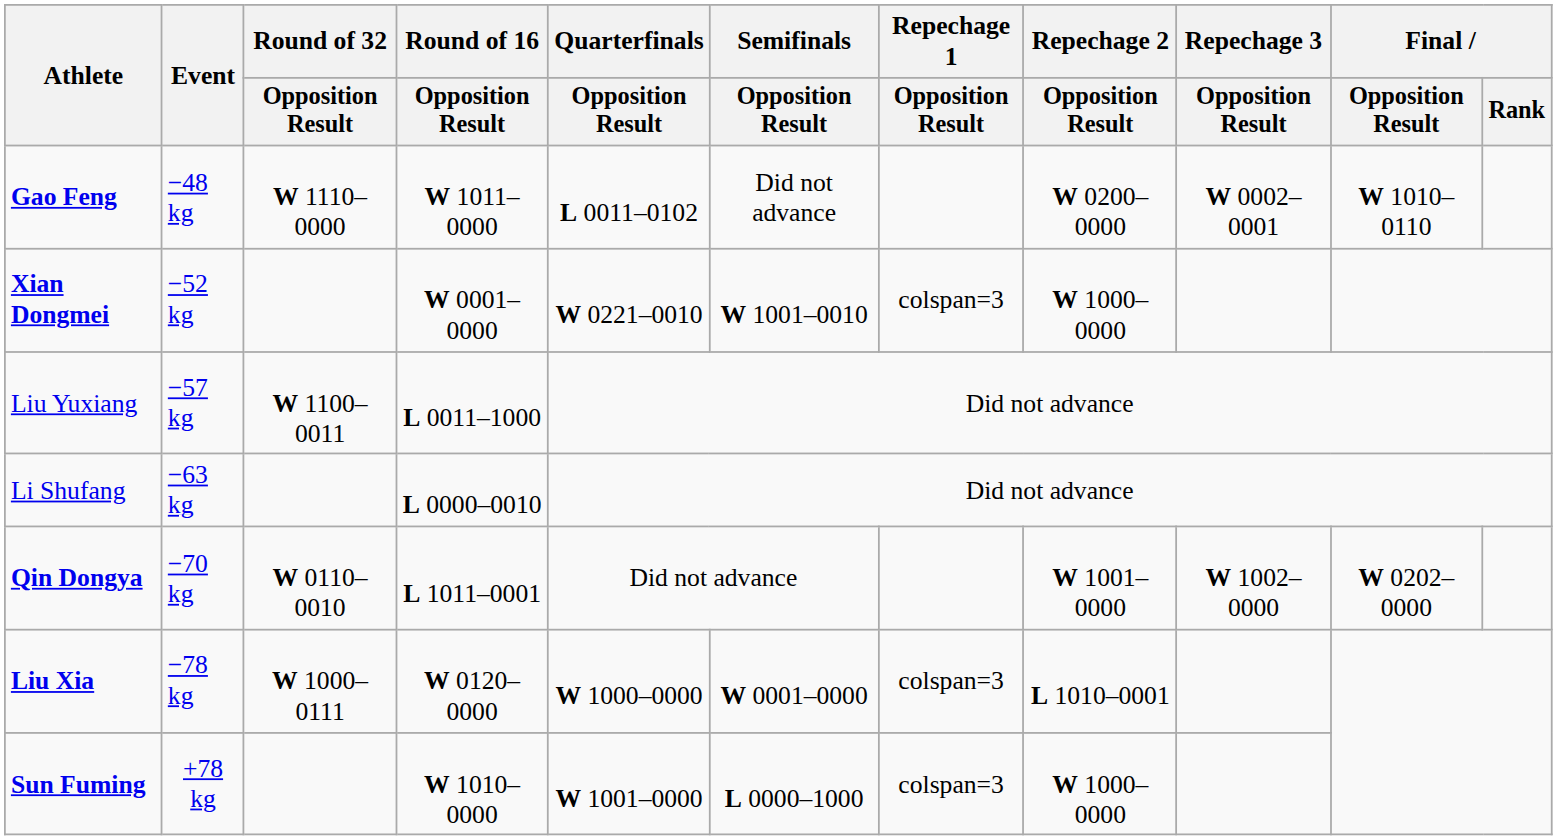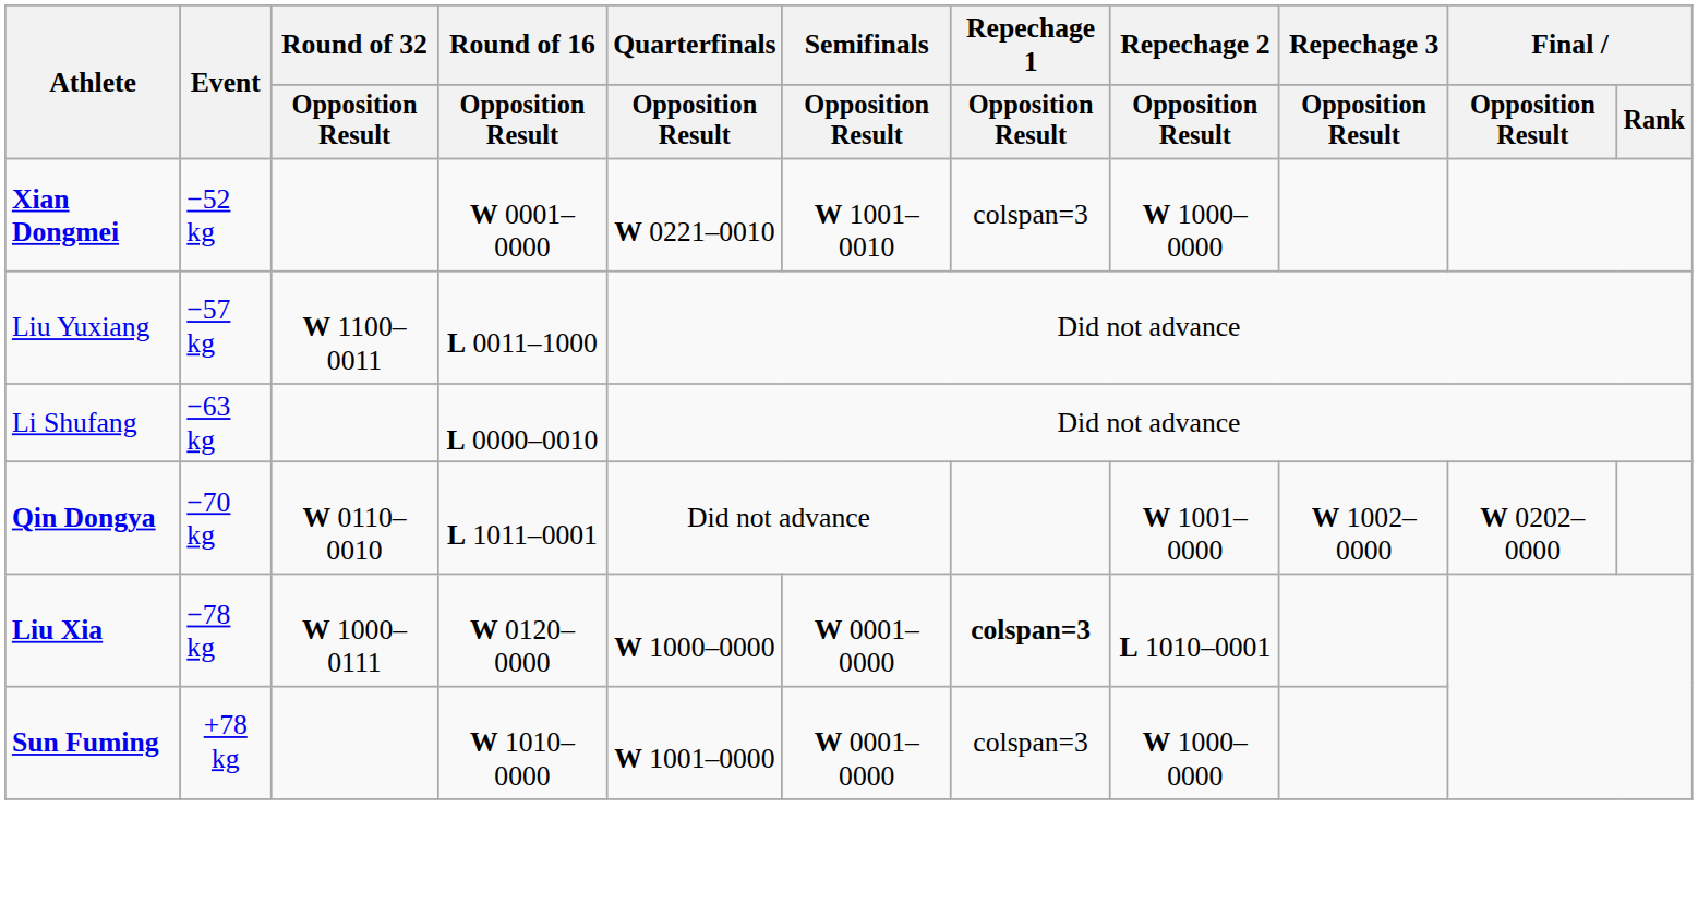 <table class="wikitable" style="font-size:90%">
 <tr>
 <th rowspan="2">Athlete</th>
 <th rowspan="2">Event</th>
 <th>Round of 32</th>
 <th>Round of 16</th>
 <th>Quarterfinals</th>
 <th>Semifinals</th>
 <th>Repechage 1</th>
 <th>Repechage 2</th>
 <th>Repechage 3</th>
 <th colspan=2>Final / </th>
 </tr>
 <tr style="font-size:95%">
 <th>Opposition<br>Result</th>
 <th>Opposition<br>Result</th>
 <th>Opposition<br>Result</th>
 <th>Opposition<br>Result</th>
 <th>Opposition<br>Result</th>
 <th>Opposition<br>Result</th>
 <th>Opposition<br>Result</th>
 <th>Opposition<br>Result</th>
 <th>Rank</th>
-</tr>
-<tr align=center>
-<td align=left><strong><a href='#'>Gao Feng</a></strong></td>
-<td align=left><a href='#'>−48 kg</a></td>
-<td><br><strong>W</strong> 1110–0000</td>
-<td><br><strong>W</strong> 1011–0000</td>
-<td><br><strong>L</strong> 0011–0102</td>
-<td>Did not advance</td>
-<td></td>
-<td><br><strong>W</strong> 0200–0000</td>
-<td><br><strong>W</strong> 0002–0001</td>
-<td><br><strong>W</strong> 1010–0110</td>
-<td></td>
 </tr>
 <tr align=center>
 <td align=left><strong><a href='#'>Xian Dongmei</a></strong></td>
 <td align=left><a href='#'>−52 kg</a></td>
 <td></td>
 <td><br><strong>W</strong> 0001–0000</td>
 <td><br><strong>W</strong> 0221–0010</td>
 <td><br><strong>W</strong> 1001–0010</td>
 <td>colspan=3 </td>
 <td><br><strong>W</strong> 1000–0000</td>
 <td></td>
 </tr>
 <tr align=center>
 <td align=left><a href='#'>Liu Yuxiang</a></td>
 <td align=left><a href='#'>−57 kg</a></td>
 <td><br><strong>W</strong> 1100–0011</td>
 <td><br><strong>L</strong> 0011–1000</td>
 <td colspan=7>Did not advance</td>
 </tr>
 <tr align=center>
 <td align=left><a href='#'>Li Shufang</a></td>
 <td align=left><a href='#'>−63 kg</a></td>
 <td></td>
 <td><br><strong>L</strong> 0000–0010</td>
 <td colspan=7>Did not advance</td>
 </tr>
 <tr align=center>
 <td align=left><strong><a href='#'>Qin Dongya</a></strong></td>
 <td align=left><a href='#'>−70 kg</a></td>
 <td><br><strong>W</strong> 0110–0010</td>
 <td><br><strong>L</strong> 1011–0001</td>
 <td colspan=2>Did not advance</td>
 <td></td>
 <td><br><strong>W</strong> 1001–0000</td>
 <td><br><strong>W</strong> 1002–0000</td>
 <td><br><strong>W</strong> 0202–0000</td>
 <td></td>
 </tr>
 <tr align=center>
 <td align=left><strong><a href='#'>Liu Xia</a></strong></td>
 <td align=left><a href='#'>−78 kg</a></td>
 <td><br><strong>W</strong> 1000–0111</td>
 <td><br><strong>W</strong> 0120–0000</td>
 <td><br><strong>W</strong> 1000–0000</td>
 <td><br><strong>W</strong> 0001–0000</td>
-<td>colspan=3 </td>
+<td><strong>colspan=3 </strong></td>
 <td><br><strong>L</strong> 1010–0001</td>
 <td></td>
 </tr>
 <tr align=center>
 <td align=left><strong><a href='#'>Sun Fuming</a></strong></td>
 <td align=center><a href='#'>+78 kg</a></td>
 <td></td>
 <td><br><strong>W</strong> 1010–0000</td>
 <td><br><strong>W</strong> 1001–0000</td>
-<td><br><strong>L</strong> 0000–1000</td>
+<td><br><strong>W</strong> 0001–0000</td>
 <td>colspan=3 </td>
 <td><br><strong>W</strong> 1000–0000</td>
 <td></td>
 </tr>
 </table>
